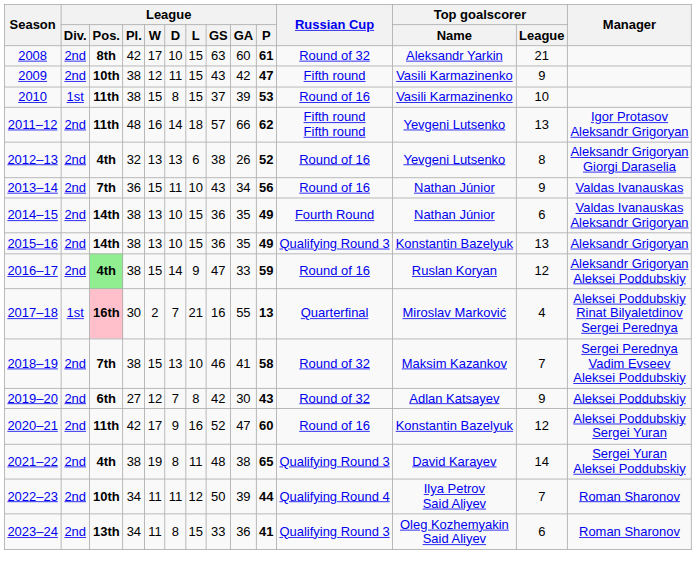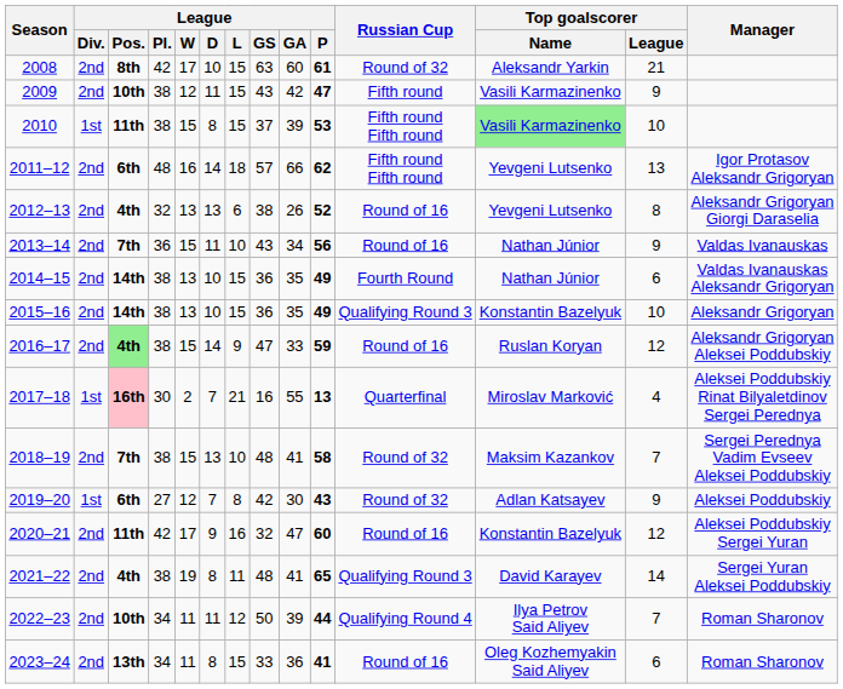 <table class="wikitable mw-collapsible mw-collapsed">
 <tr style="background:#efefef;">
 <th rowspan="2">Season</th>
 <th colspan="9">League</th>
 <th rowspan="2"><a href='#'>Russian Cup</a></th>
 <th colspan="2">Top goalscorer</th>
 <th rowspan="2">Manager</th>
 </tr>
 <tr>
 <th>Div.</th>
 <th>Pos.</th>
 <th>Pl.</th>
 <th>W</th>
 <th>D</th>
 <th>L</th>
 <th>GS</th>
 <th>GA</th>
 <th>P</th>
 <th>Name</th>
 <th>League</th>
 </tr>
 <tr>
 <td align=center><a href='#'>2008</a></td>
 <td align=center><a href='#'>2nd</a></td>
 <td style="text-align:center"><strong>8th</strong></td>
 <td align=center>42</td>
 <td align=center>17</td>
 <td align=center>10</td>
 <td align=center>15</td>
 <td align=center>63</td>
 <td align=center>60</td>
 <td align=center><strong>61</strong></td>
 <td style="text-align:center"><a href='#'>Round of 32</a></td>
 <td align=center> <a href='#'>Aleksandr Yarkin</a></td>
 <td align=center>21</td>
 <td align=center></td>
 </tr>
 <tr>
 <td align=center><a href='#'>2009</a></td>
 <td align=center><a href='#'>2nd</a></td>
 <td style="text-align:center"><strong>10th</strong></td>
 <td align=center>38</td>
 <td align=center>12</td>
 <td align=center>11</td>
 <td align=center>15</td>
 <td align=center>43</td>
 <td align=center>42</td>
 <td align=center><strong>47</strong></td>
 <td style="text-align:center"><a href='#'>Fifth round</a></td>
 <td align=center> <a href='#'>Vasili Karmazinenko</a></td>
 <td align=center>9</td>
 <td align=center></td>
 </tr>
 <tr>
 <td align=center><a href='#'>2010</a></td>
 <td align=center><a href='#'>1st</a></td>
 <td style="text-align:center"><strong>11th</strong></td>
 <td align=center>38</td>
 <td align=center>15</td>
 <td align=center>8</td>
 <td align=center>15</td>
 <td align=center>37</td>
 <td align=center>39</td>
 <td align=center><strong>53</strong></td>
-<td style="text-align:center"><a href='#'>Round of 16</a></td>
-<td align=center> <a href='#'>Vasili Karmazinenko</a></td>
+<td style="text-align:center"><a href='#'>Fifth round</a> <br> <a href='#'>Fifth round</a></td>
+<td align=center style="background: lightgreen;"> <a href='#'>Vasili Karmazinenko</a></td>
 <td align=center>10</td>
 <td align=center></td>
 </tr>
 <tr>
 <td align=center><a href='#'>2011–12</a></td>
 <td align=center><a href='#'>2nd</a></td>
-<td style="text-align:center"><strong>11th</strong></td>
+<td style="text-align:center"><strong>6th</strong></td>
 <td align=center>48</td>
 <td align=center>16</td>
 <td align=center>14</td>
 <td align=center>18</td>
 <td align=center>57</td>
 <td align=center>66</td>
 <td align=center><strong>62</strong></td>
 <td style="text-align:center"><a href='#'>Fifth round</a> <br> <a href='#'>Fifth round</a></td>
 <td align=center> <a href='#'>Yevgeni Lutsenko</a></td>
 <td align=center>13</td>
 <td align=center> <a href='#'>Igor Protasov</a> <br>  <a href='#'>Aleksandr Grigoryan</a></td>
 </tr>
 <tr>
 <td align=center><a href='#'>2012–13</a></td>
 <td align=center><a href='#'>2nd</a></td>
 <td style="text-align:center"><strong>4th</strong></td>
 <td align=center>32</td>
 <td align=center>13</td>
 <td align=center>13</td>
 <td align=center>6</td>
 <td align=center>38</td>
 <td align=center>26</td>
 <td align=center><strong>52</strong></td>
 <td style="text-align:center"><a href='#'>Round of 16</a></td>
 <td align=center> <a href='#'>Yevgeni Lutsenko</a></td>
 <td align=center>8</td>
 <td align=center> <a href='#'>Aleksandr Grigoryan</a> <br>  <a href='#'>Giorgi Daraselia</a></td>
 </tr>
 <tr>
 <td align=center><a href='#'>2013–14</a></td>
 <td align=center><a href='#'>2nd</a></td>
 <td style="text-align:center"><strong>7th</strong></td>
 <td align=center>36</td>
 <td align=center>15</td>
 <td align=center>11</td>
 <td align=center>10</td>
 <td align=center>43</td>
 <td align=center>34</td>
 <td align=center><strong>56</strong></td>
 <td style="text-align:center"><a href='#'>Round of 16</a></td>
 <td align=center> <a href='#'>Nathan Júnior</a></td>
 <td align=center>9</td>
 <td align=center> <a href='#'>Valdas Ivanauskas</a></td>
 </tr>
 <tr>
 <td align=center><a href='#'>2014–15</a></td>
 <td align=center><a href='#'>2nd</a></td>
 <td style="text-align:center"><strong>14th</strong></td>
 <td align=center>38</td>
 <td align=center>13</td>
 <td align=center>10</td>
 <td align=center>15</td>
 <td align=center>36</td>
 <td align=center>35</td>
 <td align=center><strong>49</strong></td>
 <td style="text-align:center"><a href='#'>Fourth Round</a></td>
 <td align=center> <a href='#'>Nathan Júnior</a></td>
 <td align=center>6</td>
 <td align=center> <a href='#'>Valdas Ivanauskas</a> <br>  <a href='#'>Aleksandr Grigoryan</a></td>
 </tr>
 <tr>
 <td align=center><a href='#'>2015–16</a></td>
 <td align=center><a href='#'>2nd</a></td>
 <td style="text-align:center"><strong>14th</strong></td>
 <td align=center>38</td>
 <td align=center>13</td>
 <td align=center>10</td>
 <td align=center>15</td>
 <td align=center>36</td>
 <td align=center>35</td>
 <td align=center><strong>49</strong></td>
 <td style="text-align:center"><a href='#'>Qualifying Round 3</a></td>
 <td align=center> <a href='#'>Konstantin Bazelyuk</a></td>
-<td align=center>13</td>
+<td align=center>10</td>
 <td align=center> <a href='#'>Aleksandr Grigoryan</a></td>
 </tr>
 <tr>
 <td align=center><a href='#'>2016–17</a></td>
 <td align=center><a href='#'>2nd</a></td>
 <td style="text-align:center; background:lightgreen;"><strong>4th</strong></td>
 <td align=center>38</td>
 <td align=center>15</td>
 <td align=center>14</td>
 <td align=center>9</td>
 <td align=center>47</td>
 <td align=center>33</td>
 <td align=center><strong>59</strong></td>
 <td style="text-align:center"><a href='#'>Round of 16</a></td>
 <td align=center> <a href='#'>Ruslan Koryan</a></td>
 <td align=center>12</td>
 <td align=center> <a href='#'>Aleksandr Grigoryan</a> <br>  <a href='#'>Aleksei Poddubskiy</a></td>
 </tr>
 <tr>
 <td align=center><a href='#'>2017–18</a></td>
 <td align=center><a href='#'>1st</a></td>
 <td style="text-align:center; background:pink;"><strong>16th</strong></td>
 <td align=center>30</td>
 <td align=center>2</td>
 <td align=center>7</td>
 <td align=center>21</td>
 <td align=center>16</td>
 <td align=center>55</td>
 <td align=center><strong>13</strong></td>
 <td style="text-align:center"><a href='#'>Quarterfinal</a></td>
 <td align=center> <a href='#'>Miroslav Marković</a></td>
 <td align=center>4</td>
 <td align=center> <a href='#'>Aleksei Poddubskiy</a> <br>  <a href='#'>Rinat Bilyaletdinov</a> <br>  <a href='#'>Sergei Perednya</a></td>
 </tr>
 <tr>
 <td align=center><a href='#'>2018–19</a></td>
 <td align=center><a href='#'>2nd</a></td>
 <td style="text-align:center"><strong>7th</strong></td>
 <td align=center>38</td>
 <td align=center>15</td>
 <td align=center>13</td>
 <td align=center>10</td>
-<td align=center>46</td>
+<td align=center>48</td>
 <td align=center>41</td>
 <td align=center><strong>58</strong></td>
 <td style="text-align:center"><a href='#'>Round of 32</a></td>
 <td align=center> <a href='#'>Maksim Kazankov</a></td>
 <td align=center>7</td>
 <td align=center> <a href='#'>Sergei Perednya</a> <br>  <a href='#'>Vadim Evseev</a> <br>  <a href='#'>Aleksei Poddubskiy</a></td>
 </tr>
 <tr>
 <td align=center><a href='#'>2019–20</a></td>
-<td align=center><a href='#'>2nd</a></td>
+<td align=center><a href='#'>1st</a></td>
 <td style="text-align:center"><strong>6th</strong></td>
 <td align=center>27</td>
 <td align=center>12</td>
 <td align=center>7</td>
 <td align=center>8</td>
 <td align=center>42</td>
 <td align=center>30</td>
 <td align=center><strong>43</strong></td>
 <td style="text-align:center"><a href='#'>Round of 32</a></td>
 <td align=center> <a href='#'>Adlan Katsayev</a></td>
 <td align=center>9</td>
 <td align=center> <a href='#'>Aleksei Poddubskiy</a></td>
 </tr>
 <tr>
 <td align=center><a href='#'>2020–21</a></td>
 <td align=center><a href='#'>2nd</a></td>
 <td style="text-align:center"><strong>11th</strong></td>
 <td align=center>42</td>
 <td align=center>17</td>
 <td align=center>9</td>
 <td align=center>16</td>
-<td align=center>52</td>
+<td align=center>32</td>
 <td align=center>47</td>
 <td align=center><strong>60</strong></td>
 <td style="text-align:center"><a href='#'>Round of 16</a></td>
 <td align=center> <a href='#'>Konstantin Bazelyuk</a></td>
 <td align=center>12</td>
 <td align=center> <a href='#'>Aleksei Poddubskiy</a> <br>  <a href='#'>Sergei Yuran</a></td>
 </tr>
 <tr>
 <td align=center><a href='#'>2021–22</a></td>
 <td align=center><a href='#'>2nd</a></td>
 <td style="text-align:center"><strong>4th</strong></td>
 <td align=center>38</td>
 <td align=center>19</td>
 <td align=center>8</td>
 <td align=center>11</td>
 <td align=center>48</td>
-<td align=center>38</td>
+<td align=center>41</td>
 <td align=center><strong>65</strong></td>
 <td style="text-align:center"><a href='#'>Qualifying Round 3</a></td>
 <td align=center> <a href='#'>David Karayev</a></td>
 <td align=center>14</td>
 <td align=center> <a href='#'>Sergei Yuran</a> <br>  <a href='#'>Aleksei Poddubskiy</a></td>
 </tr>
 <tr>
 <td align=center><a href='#'>2022–23</a></td>
 <td align=center><a href='#'>2nd</a></td>
 <td style="text-align:center"><strong>10th</strong></td>
 <td align=center>34</td>
 <td align=center>11</td>
 <td align=center>11</td>
 <td align=center>12</td>
 <td align=center>50</td>
 <td align=center>39</td>
 <td align=center><strong>44</strong></td>
 <td style="text-align:center"><a href='#'>Qualifying Round 4</a></td>
 <td align=center> <a href='#'>Ilya Petrov</a> <br>  <a href='#'>Said Aliyev</a></td>
 <td align=center>7</td>
 <td align=center> <a href='#'>Roman Sharonov</a></td>
 </tr>
 <tr>
 <td align=center><a href='#'>2023–24</a></td>
 <td align=center><a href='#'>2nd</a></td>
 <td style="text-align:center"><strong>13th</strong></td>
 <td align=center>34</td>
 <td align=center>11</td>
 <td align=center>8</td>
 <td align=center>15</td>
 <td align=center>33</td>
 <td align=center>36</td>
 <td align=center><strong>41</strong></td>
-<td style="text-align:center"><a href='#'>Qualifying Round 3</a></td>
+<td style="text-align:center"><a href='#'>Round of 16</a></td>
 <td align=center> <a href='#'>Oleg Kozhemyakin</a> <br>  <a href='#'>Said Aliyev</a></td>
 <td align=center>6</td>
 <td align=center> <a href='#'>Roman Sharonov</a></td>
 </tr>
 </table>
